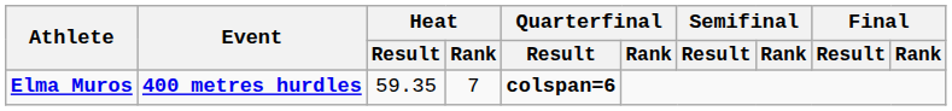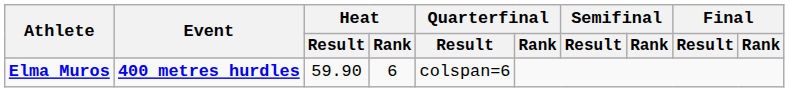 <table class=wikitable style=font-size:90%>
 <tr>
 <th rowspan=2>Athlete</th>
 <th rowspan=2>Event</th>
 <th colspan=2>Heat</th>
 <th colspan=2>Quarterfinal</th>
 <th colspan=2>Semifinal</th>
 <th colspan=2>Final</th>
 </tr>
 <tr style=font-size:95%>
 <th>Result</th>
 <th>Rank</th>
 <th>Result</th>
 <th>Rank</th>
 <th>Result</th>
 <th>Rank</th>
 <th>Result</th>
 <th>Rank</th>
 </tr>
 <tr align=center>
 <td align=left><strong><a href='#'>Elma Muros</a></strong></td>
 <td align=left><strong><a href='#'>400 metres hurdles</a></strong></td>
-<td>59.35</td>
-<td>7</td>
-<td><strong>colspan=6 </strong></td>
+<td>59.90</td>
+<td>6</td>
+<td>colspan=6 </td>
 </tr>
 </table>
